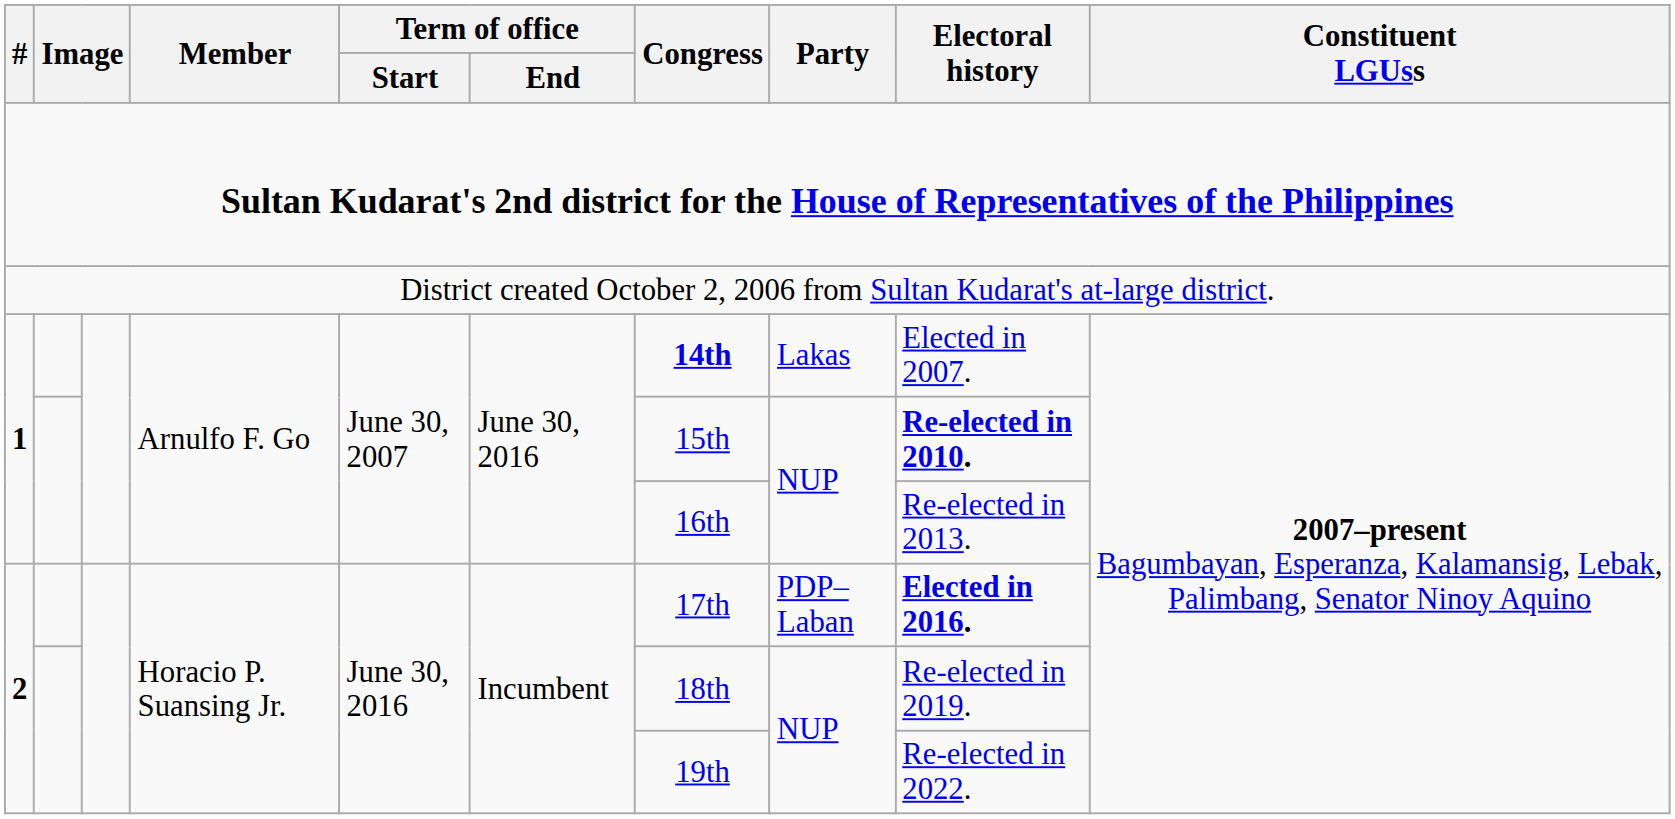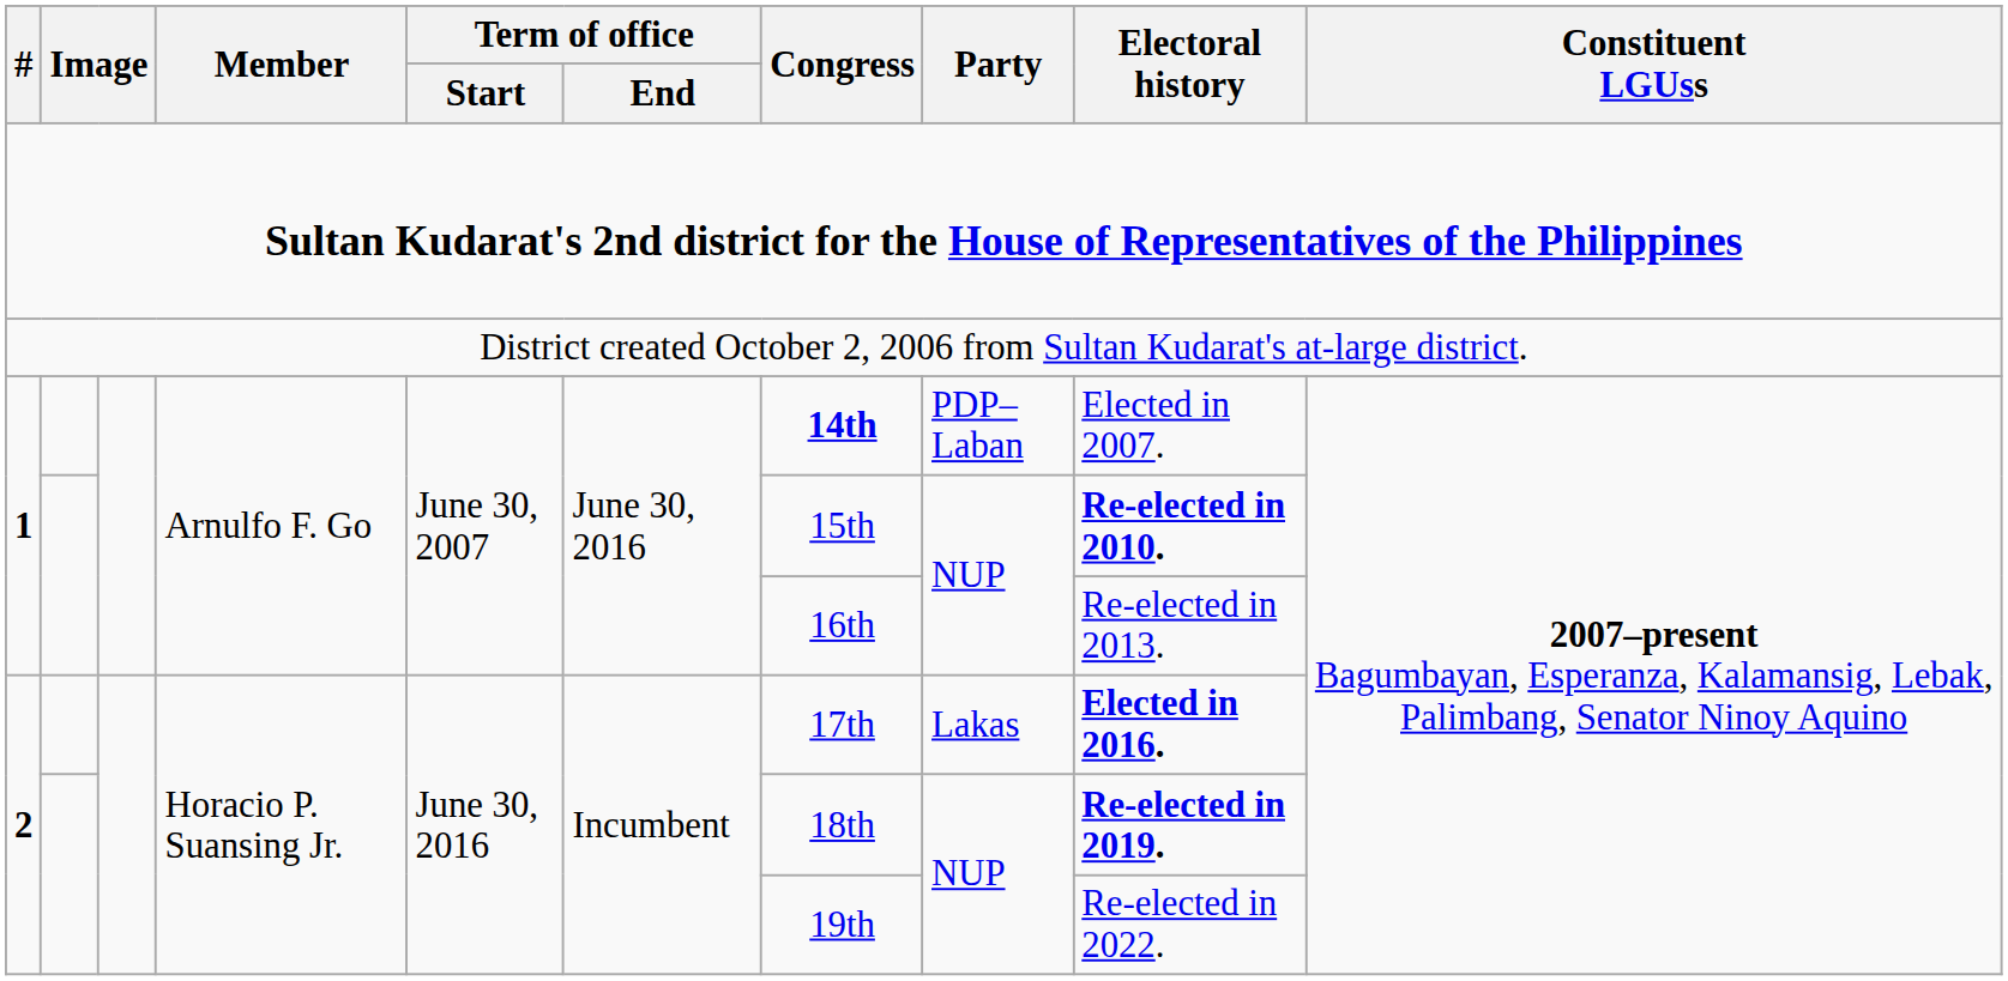 <table class=wikitable>
 <tr>
 <th rowspan="2">#</th>
 <th rowspan="2" colspan=2>Image</th>
 <th rowspan="2">Member</th>
 <th colspan=2>Term of office</th>
 <th rowspan="2">Congress</th>
 <th rowspan="2">Party</th>
 <th rowspan="2">Electoral history</th>
 <th rowspan="2">Constituent<br><a href='#'>LGUs</a>s</th>
 </tr>
 <tr>
 <th>Start</th>
 <th>End</th>
 </tr>
 <tr>
 <td colspan="10" style="text-align:center;"><br><h3>Sultan Kudarat's 2nd district for the <a href='#'>House of Representatives of the Philippines</a></h3></td>
 </tr>
 <tr>
 <td colspan="10" style="text-align:center;">District created October 2, 2006 from <a href='#'>Sultan Kudarat's at-large district</a>.</td>
 </tr>
 <tr>
 <td rowspan="3" style="text-align:center;"><strong>1</strong></td>
 <td style="color:inherit;background:"></td>
 <td rowspan="3"></td>
 <td rowspan="3">Arnulfo F. Go</td>
 <td rowspan="3">June 30, 2007</td>
 <td rowspan="3">June 30, 2016</td>
 <td style="text-align:center;"><strong><a href='#'>14th</a></strong></td>
-<td><a href='#'>Lakas</a></td>
+<td><a href='#'>PDP–Laban</a></td>
 <td><a href='#'>Elected in 2007</a>.</td>
 <td rowspan=99 style="text-align:center;"><strong>2007–present</strong><br><a href='#'>Bagumbayan</a>, <a href='#'>Esperanza</a>, <a href='#'>Kalamansig</a>, <a href='#'>Lebak</a>, <a href='#'>Palimbang</a>, <a href='#'>Senator Ninoy Aquino</a></td>
 </tr>
 <tr>
 <td rowspan="2" style="color:inherit;background:"></td>
 <td style="text-align:center;"><a href='#'>15th</a></td>
 <td rowspan="2"><a href='#'>NUP</a></td>
 <td><strong><a href='#'>Re-elected in 2010</a>.</strong></td>
 </tr>
 <tr>
 <td style="text-align:center;"><a href='#'>16th</a></td>
 <td><a href='#'>Re-elected in 2013</a>.</td>
 </tr>
 <tr>
 <td rowspan="3" style="text-align:center;"><strong>2</strong></td>
 <td style="color:inherit;background:"></td>
 <td rowspan="3"></td>
 <td rowspan="3">Horacio P. Suansing Jr.</td>
 <td rowspan="3">June 30, 2016</td>
 <td rowspan="3">Incumbent</td>
 <td style="text-align:center;"><a href='#'>17th</a></td>
-<td><a href='#'>PDP–Laban</a></td>
+<td><a href='#'>Lakas</a></td>
 <td><strong><a href='#'>Elected in 2016</a>.</strong></td>
 </tr>
 <tr>
 <td rowspan="2" style="color:inherit;background:"></td>
 <td style="text-align:center;"><a href='#'>18th</a></td>
 <td rowspan="2"><a href='#'>NUP</a></td>
-<td><a href='#'>Re-elected in 2019</a>.</td>
+<td><strong><a href='#'>Re-elected in 2019</a>.</strong></td>
 </tr>
 <tr>
 <td style="text-align:center;"><a href='#'>19th</a></td>
 <td><a href='#'>Re-elected in 2022</a>.</td>
 </tr>
 </table>
